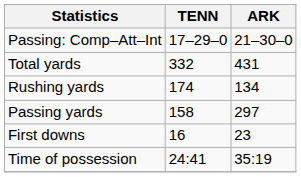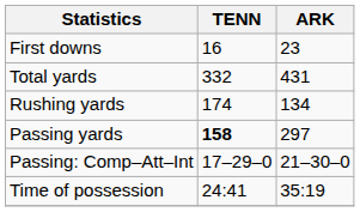 <table class="wikitable" style="float: left;">
 <tr>
 <th>Statistics</th>
 <th>TENN</th>
 <th>ARK</th>
 </tr>
 <tr>
-<td>Passing: Comp–Att–Int</td>
-<td>17–29–0</td>
-<td>21–30–0</td>
+<td>First downs</td>
+<td>16</td>
+<td>23</td>
 </tr>
 <tr>
 <td>Total yards</td>
 <td>332</td>
 <td>431</td>
 </tr>
 <tr>
 <td>Rushing yards</td>
 <td>174</td>
 <td>134</td>
 </tr>
 <tr>
 <td>Passing yards</td>
-<td>158</td>
+<td><strong>158</strong></td>
 <td>297</td>
 </tr>
 <tr>
-<td>First downs</td>
-<td>16</td>
-<td>23</td>
+<td>Passing: Comp–Att–Int</td>
+<td>17–29–0</td>
+<td>21–30–0</td>
 </tr>
 <tr>
 <td>Time of possession</td>
 <td>24:41</td>
 <td>35:19</td>
 </tr>
 <tr>
 </tr>
 </table>
